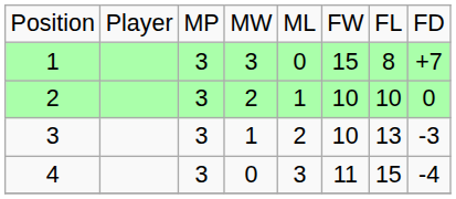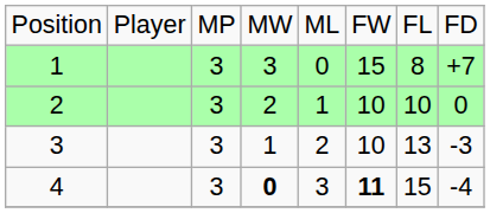 <table class="wikitable" style="text-align: center;">
 <tr>
 <td>Position</td>
 <td>Player</td>
 <td>MP</td>
 <td>MW</td>
 <td>ML</td>
 <td>FW</td>
 <td>FL</td>
 <td>FD</td>
 </tr>
 <tr style="background:#afa;">
 <td>1</td>
 <td style="text-align:left;"></td>
 <td>3</td>
 <td>3</td>
 <td>0</td>
 <td>15</td>
 <td>8</td>
 <td>+7</td>
 </tr>
 <tr style="background:#afa;">
 <td>2</td>
 <td style="text-align:left;"></td>
 <td>3</td>
 <td>2</td>
 <td>1</td>
 <td>10</td>
 <td>10</td>
 <td>0</td>
 </tr>
 <tr>
 <td>3</td>
 <td style="text-align:left;"></td>
 <td>3</td>
 <td>1</td>
 <td>2</td>
 <td>10</td>
 <td>13</td>
 <td>-3</td>
 </tr>
 <tr>
 <td>4</td>
 <td style="text-align:left;"></td>
 <td>3</td>
-<td>0</td>
+<td><strong>0</strong></td>
 <td>3</td>
-<td>11</td>
+<td><strong>11</strong></td>
 <td>15</td>
 <td>-4</td>
 </tr>
 <tr>
 </tr>
 </table>
